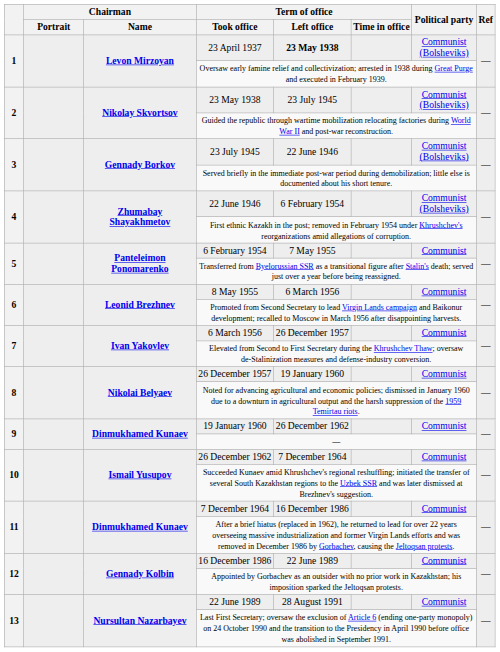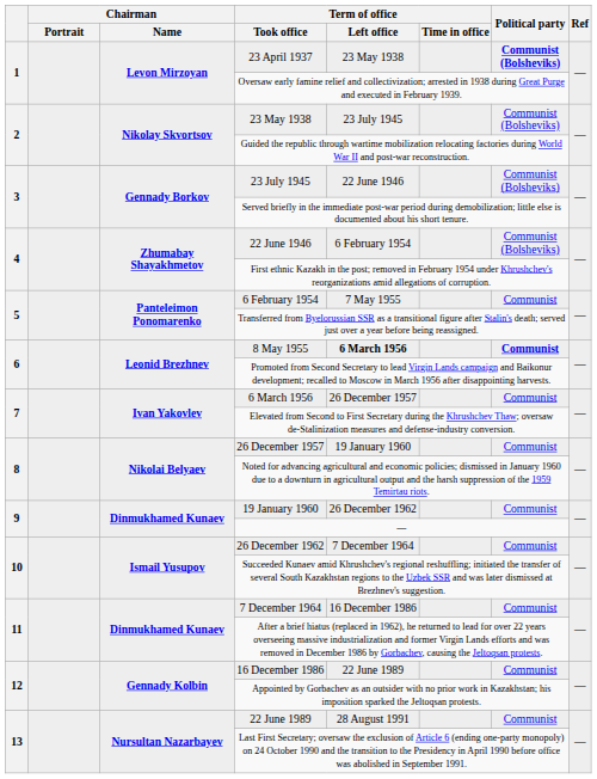 <table class="wikitable"  style="text-align:center">
 <tr>
 <th rowspan=2 style="width:25px;"></th>
 <th colspan=2 style="width:280px;">Chairman<br></th>
 <th colspan="3">Term of office</th>
 <th rowspan="2" style="width:100px;">Political party</th>
 <th rowspan=2 style="width:20px;">Ref</th>
 </tr>
 <tr>
 <th>Portrait</th>
 <th width=180px>Name</th>
 <th>Took office</th>
 <th>Left office</th>
 <th>Time in office</th>
 </tr>
 <tr bgcolor=#EEEEEE>
 <th rowspan=2 style="background:">1</th>
 <td rowspan=2></td>
 <td rowspan=2><strong><a href='#'>Levon Mirzoyan</a></strong><br></td>
 <td>23 April 1937</td>
-<td><strong>23 May 1938</strong></td>
+<td>23 May 1938</td>
 <td></td>
-<td style="background:"><a href='#'><span>Communist<br>(Bolsheviks)</span></a></td>
+<td style="background:"><strong><a href='#'><span>Communist<br>(Bolsheviks)</span></a></strong></td>
 <td rowspan=2>—</td>
 </tr>
 <tr>
 <td colspan="4" align="center" style="width:160px;"><small>Oversaw early famine relief and collectivization; arrested in 1938 during <a href='#'>Great Purge</a> and executed in February 1939.</small></td>
 </tr>
 <tr bgcolor=#EEEEEE>
 <th rowspan=2 style="background:">2</th>
 <td rowspan=2></td>
 <td rowspan=2><strong><a href='#'>Nikolay Skvortsov</a></strong><br></td>
 <td>23 May 1938</td>
 <td>23 July 1945</td>
 <td></td>
 <td style="background:"><a href='#'><span>Communist<br>(Bolsheviks)</span></a></td>
 <td rowspan=2>—</td>
 </tr>
 <tr>
 <td colspan="4" align="center" style="width:160px;"><small>Guided the republic through wartime mobilization relocating factories during <a href='#'>World War II</a> and post‑war reconstruction.</small></td>
 </tr>
 <tr bgcolor=#EEEEEE>
 <th rowspan=2 style="background:">3</th>
 <td rowspan=2></td>
 <td rowspan=2><strong><a href='#'>Gennady Borkov</a></strong><br></td>
 <td>23 July 1945</td>
 <td>22 June 1946</td>
 <td></td>
 <td style="background:"><a href='#'><span>Communist<br>(Bolsheviks)</span></a></td>
 <td rowspan=2>—</td>
 </tr>
 <tr>
 <td colspan="4" align="center" style="width:160px;"><small>Served briefly in the immediate post‑war period during demobilization; little else is documented about his short tenure.</small></td>
 </tr>
 <tr bgcolor=#EEEEEE>
 <th rowspan=2 style="background:">4</th>
 <td rowspan=2></td>
 <td rowspan=2><strong><a href='#'>Zhumabay Shayakhmetov</a></strong><br></td>
 <td>22 June 1946</td>
 <td>6 February 1954</td>
 <td></td>
 <td style="background:"><a href='#'><span>Communist<br>(Bolsheviks)</span></a></td>
 <td rowspan=2>—</td>
 </tr>
 <tr>
 <td colspan="4" align="center" style="width:160px;"><small>First ethnic Kazakh in the post; removed in February 1954 under <a href='#'>Khrushchev's</a> reorganizations amid allegations of corruption.</small></td>
 </tr>
 <tr bgcolor=#EEEEEE>
 <th rowspan=2 style="background:">5</th>
 <td rowspan=2></td>
 <td rowspan=2><strong><a href='#'>Panteleimon Ponomarenko</a></strong><br></td>
 <td>6 February 1954</td>
 <td>7 May 1955</td>
 <td></td>
 <td style="background:"><a href='#'><span>Communist</span></a></td>
 <td rowspan=2>—</td>
 </tr>
 <tr>
 <td colspan="4" align="center" style="width:160px;"><small>Transferred from <a href='#'>Byelorussian SSR</a> as a transitional figure after <a href='#'>Stalin's</a> death; served just over a year before being reassigned.</small></td>
 </tr>
 <tr bgcolor=#EEEEEE>
 <th rowspan=2 style="background:">6</th>
 <td rowspan=2></td>
 <td rowspan=2><strong><a href='#'>Leonid Brezhnev</a></strong><br></td>
 <td>8 May 1955</td>
-<td>6 March 1956</td>
+<td><strong>6 March 1956</strong></td>
 <td></td>
-<td style="background:"><a href='#'><span>Communist</span></a></td>
+<td style="background:"><strong><a href='#'><span>Communist</span></a></strong></td>
 <td rowspan=2>—</td>
 </tr>
 <tr>
 <td colspan="4" align="center" style="width:160px;"><small>Promoted from Second Secretary to lead <a href='#'>Virgin Lands campaign</a> and Baikonur development; recalled to Moscow in March 1956 after disappointing harvests.</small></td>
 </tr>
 <tr bgcolor=#EEEEEE>
 <th rowspan=2 style="background:">7</th>
 <td rowspan=2></td>
 <td rowspan=2><strong><a href='#'>Ivan Yakovlev</a></strong><br></td>
 <td>6 March 1956</td>
 <td>26 December 1957</td>
 <td></td>
 <td style="background:"><a href='#'><span>Communist</span></a></td>
 <td rowspan=2>—</td>
 </tr>
 <tr>
 <td colspan="4" align="center" style="width:160px;"><small>Elevated from Second to First Secretary during the <a href='#'>Khrushchev Thaw</a>; oversaw de‑Stalinization measures and defense‑industry conversion.</small></td>
 </tr>
 <tr bgcolor=#EEEEEE>
 <th rowspan=2 style="background:">8</th>
 <td rowspan=2></td>
 <td rowspan=2><strong><a href='#'>Nikolai Belyaev</a></strong><br></td>
 <td>26 December 1957</td>
 <td>19 January 1960</td>
 <td></td>
 <td style="background:"><a href='#'><span>Communist</span></a></td>
 <td rowspan=2>—</td>
 </tr>
 <tr>
 <td colspan="4" align="center" style="width:160px;"><small>Noted for advancing agricultural and economic policies; dismissed in January 1960 due to a downturn in agricultural output and the harsh suppression of the <a href='#'>1959 Temirtau riots</a>.</small></td>
 </tr>
 <tr bgcolor=#EEEEEE>
 <th rowspan=2 style="background:">9</th>
 <td rowspan=2></td>
 <td rowspan=2><strong><a href='#'>Dinmukhamed Kunaev</a></strong><br></td>
 <td>19 January 1960</td>
 <td>26 December 1962</td>
 <td></td>
 <td style="background:"><a href='#'><span>Communist</span></a></td>
 <td rowspan=2>—</td>
 </tr>
 <tr>
 <td colspan="4" align="center" style="width:160px;"><small>—</small></td>
 </tr>
 <tr bgcolor=#EEEEEE>
 <th rowspan=2 style="background:">10</th>
 <td rowspan=2></td>
 <td rowspan=2><strong><a href='#'>Ismail Yusupov</a></strong><br></td>
 <td>26 December 1962</td>
 <td>7 December 1964</td>
 <td></td>
 <td style="background:"><a href='#'><span>Communist</span></a></td>
 <td rowspan=2>—</td>
 </tr>
 <tr>
 <td colspan="4" align="center" style="width:160px;"><small>Succeeded Kunaev amid Khrushchev's regional reshuffling; initiated the transfer of several South Kazakhstan regions to the <a href='#'>Uzbek SSR</a> and was later dismissed at Brezhnev's suggestion.</small></td>
 </tr>
 <tr bgcolor=#EEEEEE>
 <th rowspan=2 style="background:">11</th>
 <td rowspan=2></td>
 <td rowspan=2><strong><a href='#'>Dinmukhamed Kunaev</a></strong><br></td>
 <td>7 December 1964</td>
 <td>16 December 1986</td>
 <td></td>
 <td style="background:"><a href='#'><span>Communist</span></a></td>
 <td rowspan=2>—</td>
 </tr>
 <tr>
 <td colspan="4" align="center" style="width:160px;"><small>After a brief hiatus (replaced in 1962), he returned to lead for over 22 years overseeing massive industrialization and former Virgin Lands efforts and was removed in December 1986 by <a href='#'>Gorbachev</a>, causing the <a href='#'>Jeltoqsan protests</a>.</small></td>
 </tr>
 <tr bgcolor=#EEEEEE>
 <th rowspan=2 style="background:">12</th>
 <td rowspan=2></td>
 <td rowspan=2><strong><a href='#'>Gennady Kolbin</a></strong><br></td>
 <td>16 December 1986</td>
 <td>22 June 1989</td>
 <td></td>
 <td style="background:"><a href='#'><span>Communist</span></a></td>
 <td rowspan=2>—</td>
 </tr>
 <tr>
 <td colspan="4" align="center" style="width:160px;"><small>Appointed by Gorbachev as an outsider with no prior work in Kazakhstan; his imposition sparked the Jeltoqsan protests.</small></td>
 </tr>
 <tr bgcolor=#EEEEEE>
 <th rowspan=2 style="background:">13</th>
 <td rowspan=2></td>
 <td rowspan=2><strong><a href='#'>Nursultan Nazarbayev</a></strong><br></td>
 <td>22 June 1989</td>
 <td>28 August 1991</td>
 <td></td>
 <td style="background:"><a href='#'><span>Communist</span></a></td>
 <td rowspan=2>—</td>
 </tr>
 <tr>
 <td colspan="4" align="center" style="width:160px;"><small>Last First Secretary; oversaw the exclusion of <a href='#'>Article 6</a> (ending one‑party monopoly) on 24 October 1990 and the transition to the Presidency in April 1990 before office was abolished in September 1991.</small></td>
 </tr>
 </table>
